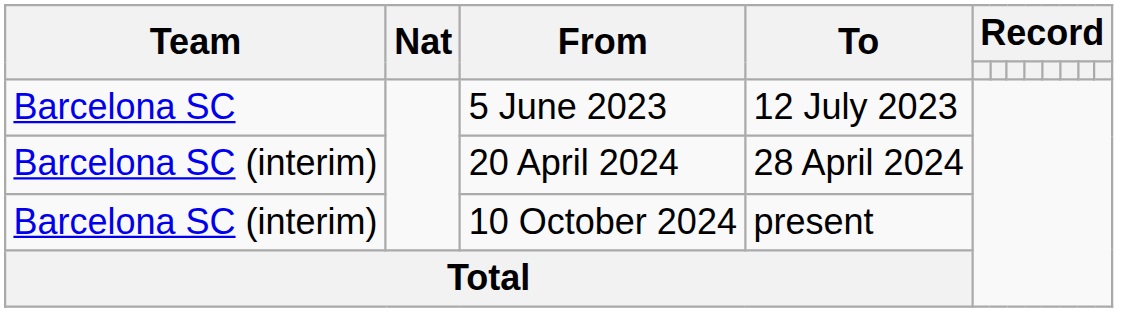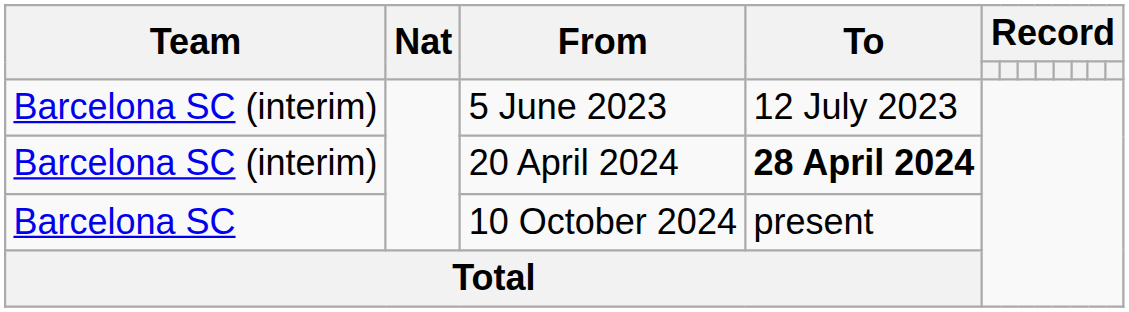 <table class="wikitable" style="text-align: center">
 <tr>
 <th rowspan="2">Team</th>
 <th rowspan="2">Nat</th>
 <th rowspan="2">From</th>
 <th rowspan="2">To</th>
 <th colspan="8">Record</th>
 </tr>
 <tr>
 <th></th>
 <th></th>
 <th></th>
 <th></th>
 <th></th>
 <th></th>
 <th></th>
 <th></th>
 </tr>
 <tr>
-<td align=left><a href='#'>Barcelona SC</a></td>
+<td align=left><a href='#'>Barcelona SC</a> (interim)</td>
 <td rowspan="3"></td>
 <td align=left>5 June 2023</td>
 <td align=left>12 July 2023<br></td>
 </tr>
 <tr>
 <td align=left><a href='#'>Barcelona SC</a> (interim)</td>
 <td align=left>20 April 2024</td>
-<td align=left>28 April 2024<br></td>
+<td align=left><strong>28 April 2024<br></strong></td>
 </tr>
 <tr>
-<td align=left><a href='#'>Barcelona SC</a> (interim)</td>
+<td align=left><a href='#'>Barcelona SC</a></td>
 <td align=left>10 October 2024</td>
 <td align=left>present<br></td>
 </tr>
 <tr align=center>
 <th colspan=4>Total<br></th>
 </tr>
 </table>
